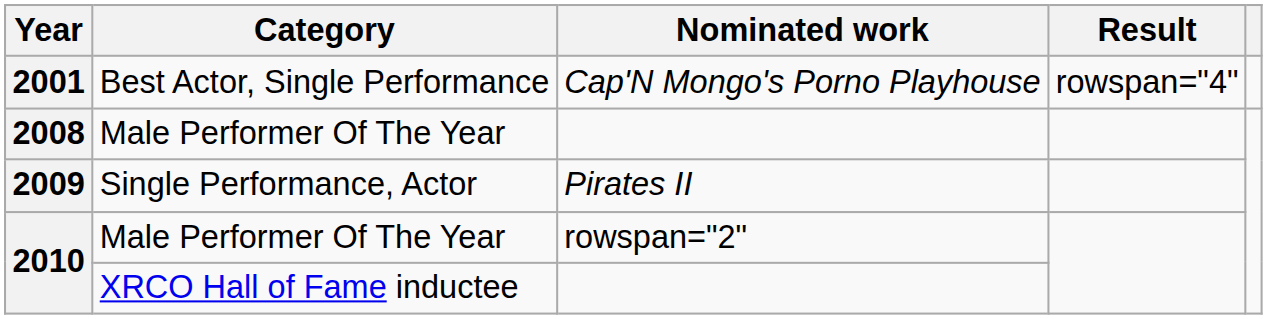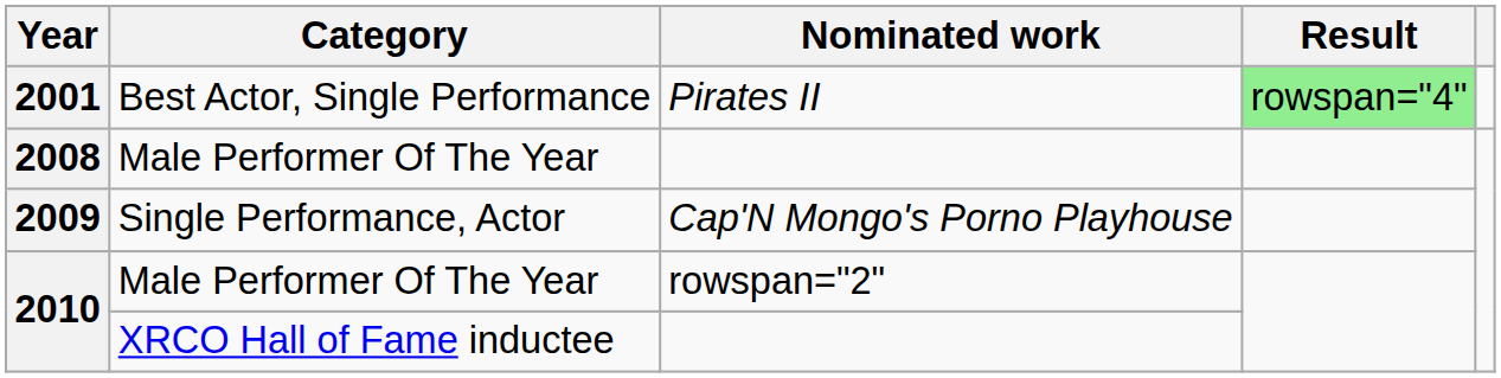 <table class="wikitable">
 <tr>
 <th>Year</th>
 <th>Category</th>
 <th>Nominated work</th>
 <th>Result</th>
 <th></th>
 </tr>
 <tr>
 <th scope="row">2001</th>
 <td>Best Actor, Single Performance</td>
-<td><em>Cap'N Mongo's Porno Playhouse</em></td>
-<td>rowspan="4" </td>
+<td><em>Pirates II</em></td>
+<td style="background: lightgreen;">rowspan="4" </td>
 <td></td>
 </tr>
 <tr>
 <th scope="row">2008</th>
 <td>Male Performer Of The Year</td>
 <td></td>
 <td></td>
 </tr>
 <tr>
 <th scope="row">2009</th>
 <td>Single Performance, Actor</td>
-<td><em>Pirates II</em></td>
+<td><em>Cap'N Mongo's Porno Playhouse</em></td>
 <td></td>
 </tr>
 <tr>
 <th rowspan="2">2010</th>
 <td>Male Performer Of The Year</td>
 <td>rowspan="2" </td>
 <td rowspan="2"></td>
 </tr>
 <tr>
 <td><a href='#'>XRCO Hall of Fame</a> inductee</td>
 <td></td>
 </tr>
 </table>
